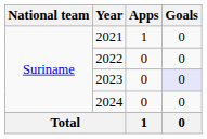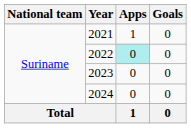 <table class="wikitable" style="text-align:center">
 <tr>
 <th>National team</th>
 <th>Year</th>
 <th>Apps</th>
 <th>Goals</th>
 </tr>
 <tr>
 <td rowspan=4><a href='#'>Suriname</a></td>
 <td>2021</td>
 <td>1</td>
 <td>0</td>
 </tr>
 <tr>
 <td>2022</td>
-<td>0</td>
+<td style="background: paleturquoise;">0</td>
 <td>0</td>
 </tr>
 <tr>
 <td>2023</td>
 <td>0</td>
-<td style="background: lavender;">0</td>
+<td>0</td>
 </tr>
 <tr>
 <td>2024</td>
 <td>0</td>
 <td>0</td>
 </tr>
 <tr>
 <th colspan=2>Total</th>
 <th>1</th>
 <th>0</th>
 </tr>
 </table>
